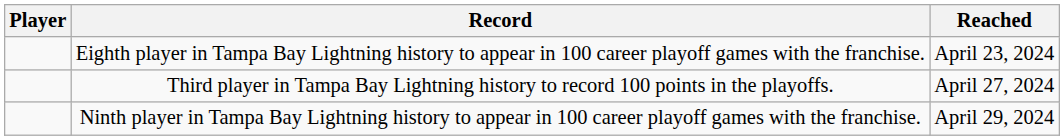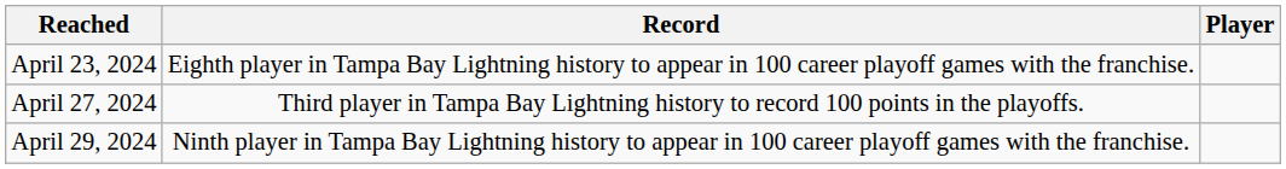 <table class="wikitable sortable" style="text-align:center;">
 <tr>
+<th>Reached</th>
+<th>Record</th>
 <th>Player</th>
-<th>Record</th>
-<th>Reached</th>
 </tr>
 <tr>
+<td>April 23, 2024</td>
+<td>Eighth player in Tampa Bay Lightning history to appear in 100 career playoff games with the franchise.</td>
 <td></td>
-<td>Eighth player in Tampa Bay Lightning history to appear in 100 career playoff games with the franchise.</td>
-<td>April 23, 2024</td>
 </tr>
 <tr>
+<td>April 27, 2024</td>
+<td>Third player in Tampa Bay Lightning history to record 100 points in the playoffs.</td>
 <td></td>
-<td>Third player in Tampa Bay Lightning history to record 100 points in the playoffs.</td>
-<td>April 27, 2024</td>
 </tr>
 <tr>
+<td>April 29, 2024</td>
+<td>Ninth player in Tampa Bay Lightning history to appear in 100 career playoff games with the franchise.</td>
 <td></td>
-<td>Ninth player in Tampa Bay Lightning history to appear in 100 career playoff games with the franchise.</td>
-<td>April 29, 2024</td>
 </tr>
 </table>
